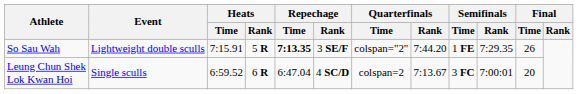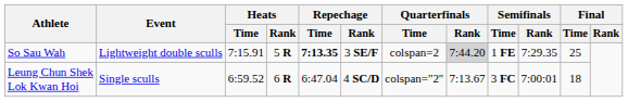 <table class="wikitable" style="font-size:90%">
 <tr>
 <th rowspan="2">Athlete</th>
 <th rowspan="2">Event</th>
 <th colspan="2">Heats</th>
 <th colspan="2">Repechage</th>
 <th colspan=2>Quarterfinals</th>
 <th colspan="2">Semifinals</th>
 <th colspan="2">Final</th>
 </tr>
 <tr style="font-size:95%">
 <th>Time</th>
 <th>Rank</th>
 <th>Time</th>
 <th>Rank</th>
 <th>Time</th>
 <th>Rank</th>
 <th>Time</th>
 <th>Rank</th>
 <th>Time</th>
 <th>Rank</th>
 </tr>
 <tr align=center>
 <td align=left><a href='#'>So Sau Wah</a></td>
 <td align=left><a href='#'>Lightweight double sculls</a></td>
 <td>7:15.91</td>
 <td>5 <strong>R</strong></td>
 <td><strong>7:13.35</strong></td>
 <td>3 <strong>SE/F</strong></td>
-<td>colspan="2" </td>
-<td>7:44.20</td>
+<td>colspan=2 </td>
+<td style="background: lightgrey;">7:44.20</td>
 <td>1 <strong>FE</strong></td>
 <td>7:29.35</td>
-<td>26</td>
+<td>25</td>
 </tr>
 <tr align=center>
 <td align=left><a href='#'>Leung Chun Shek</a><br><a href='#'>Lok Kwan Hoi</a></td>
 <td align=left><a href='#'>Single sculls</a></td>
 <td>6:59.52</td>
 <td>6 <strong>R</strong></td>
 <td>6:47.04</td>
 <td>4 <strong>SC/D</strong></td>
-<td>colspan=2 </td>
+<td>colspan="2" </td>
 <td>7:13.67</td>
 <td>3 <strong>FC</strong></td>
 <td>7:00:01</td>
-<td>20</td>
+<td>18</td>
 </tr>
 </table>
